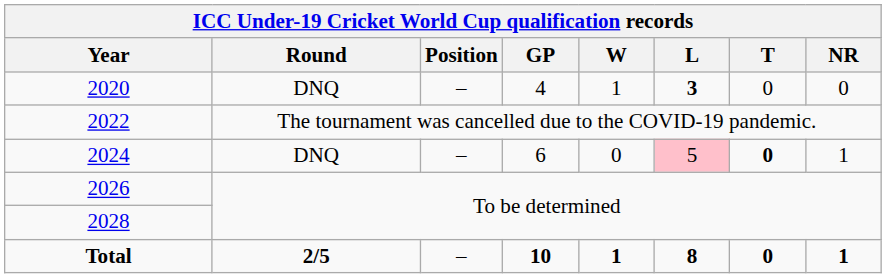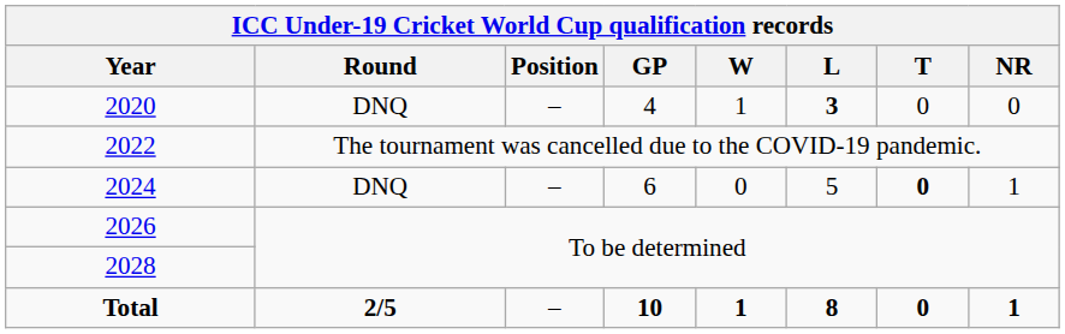 <table class="wikitable" style="text-align: center; width=900px;">
 <tr>
 <th colspan=9><a href='#'>ICC Under-19 Cricket World Cup qualification</a> records</th>
 </tr>
 <tr>
 <th width=150>Year</th>
 <th width=150>Round</th>
 <th width=50>Position</th>
 <th width=50>GP</th>
 <th width=50>W</th>
 <th width=50>L</th>
 <th width=50>T</th>
 <th width=50>NR</th>
 </tr>
 <tr>
 <td> <a href='#'>2020</a></td>
 <td>DNQ</td>
 <td>–</td>
 <td>4</td>
 <td>1</td>
 <td><strong>3</strong></td>
 <td>0</td>
 <td>0</td>
 </tr>
 <tr>
 <td> <a href='#'>2022</a></td>
 <td colspan=8>The tournament was cancelled due to the COVID-19 pandemic.</td>
 </tr>
 <tr>
 <td> <a href='#'>2024</a></td>
 <td>DNQ</td>
 <td>–</td>
 <td>6</td>
 <td>0</td>
-<td style="background: pink;">5</td>
+<td>5</td>
 <td><strong>0</strong></td>
 <td>1</td>
 </tr>
 <tr>
 <td> <a href='#'>2026</a></td>
 <td colspan=8 rowspan=2>To be determined</td>
 </tr>
 <tr>
 <td> <a href='#'>2028</a></td>
 </tr>
 <tr>
 <td><strong>Total</strong></td>
 <td><strong>2/5</strong></td>
 <td>–</td>
 <td><strong>10</strong></td>
 <td><strong>1</strong></td>
 <td><strong>8</strong></td>
 <td><strong>0</strong></td>
 <td><strong>1</strong></td>
 </tr>
 </table>
